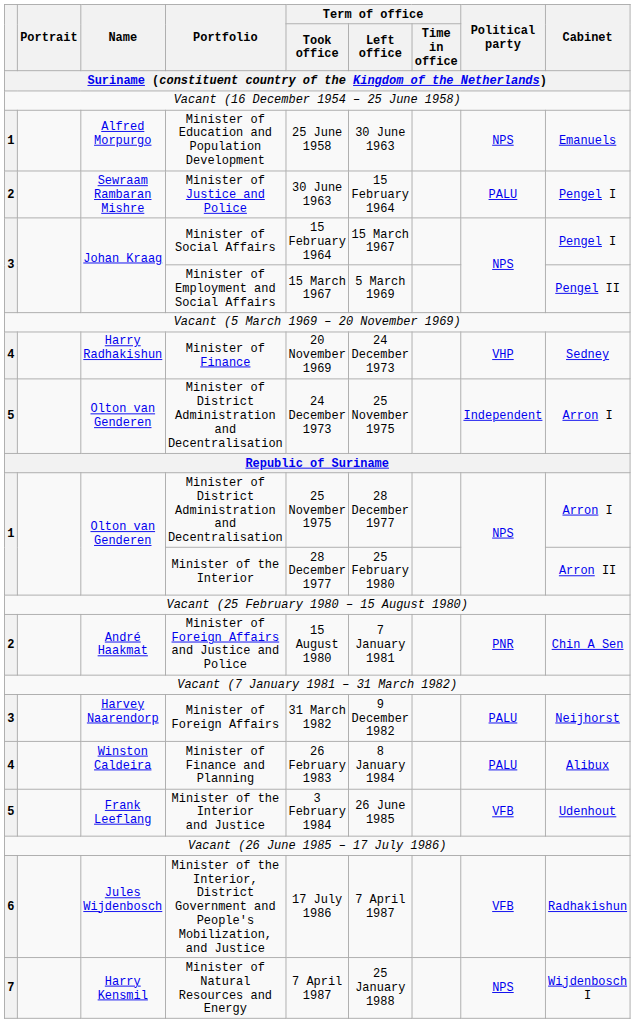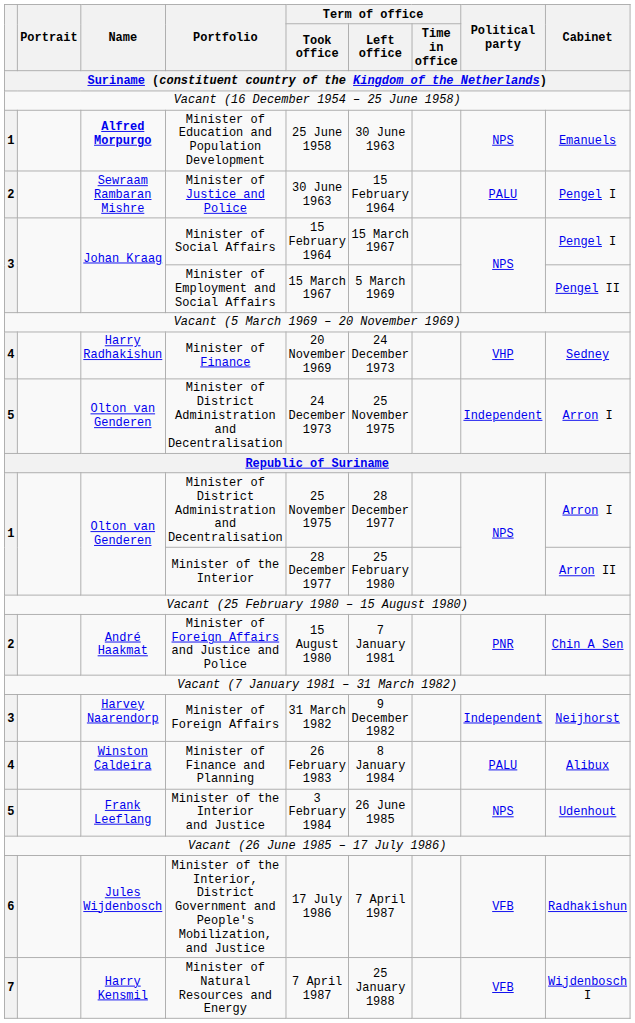 <table class="wikitable" style="text-align:center">
 <tr>
 <th rowspan=2></th>
 <th rowspan=2>Portrait</th>
 <th rowspan=2>Name<br></th>
 <th rowspan=2>Portfolio</th>
 <th colspan=3>Term of office</th>
 <th rowspan=2>Political party</th>
 <th rowspan=2>Cabinet</th>
 </tr>
 <tr>
 <th>Took office</th>
 <th>Left office</th>
 <th>Time in office</th>
 </tr>
 <tr>
 <th colspan=10><a href='#'>Suriname</a> (<em>constituent country of the <a href='#'>Kingdom of the Netherlands</a></em>)</th>
 </tr>
 <tr>
 <td colspan=10><em>Vacant (16 December 1954 – 25 June 1958)</em></td>
 </tr>
 <tr>
 <th style="background:">1</th>
 <td></td>
-<td><a href='#'>Alfred Morpurgo</a><br><br></td>
+<td><strong><a href='#'>Alfred Morpurgo</a><br><br></strong></td>
 <td>Minister of Education and Population Development</td>
 <td>25 June 1958</td>
 <td>30 June 1963</td>
 <td></td>
 <td><a href='#'>NPS</a></td>
 <td><a href='#'>Emanuels</a></td>
 </tr>
 <tr>
 <th style="background:">2</th>
 <td></td>
 <td><a href='#'>Sewraam Rambaran Mishre</a><br></td>
 <td>Minister of <a href='#'>Justice and Police</a></td>
 <td>30 June 1963</td>
 <td>15 February 1964<br></td>
 <td></td>
 <td><a href='#'>PALU</a></td>
 <td><a href='#'>Pengel</a> I</td>
 </tr>
 <tr>
 <th rowspan=2 style="background:">3</th>
 <td rowspan=2></td>
 <td rowspan=2><a href='#'>Johan Kraag</a><br><br></td>
 <td>Minister of Social Affairs</td>
 <td>15 February 1964</td>
 <td>15 March 1967</td>
 <td></td>
 <td rowspan=2><a href='#'>NPS</a></td>
 <td><a href='#'>Pengel</a> I</td>
 </tr>
 <tr>
 <td>Minister of Employment and Social Affairs</td>
 <td>15 March 1967</td>
 <td>5 March 1969</td>
 <td></td>
 <td><a href='#'>Pengel</a> II</td>
 </tr>
 <tr>
 <td colspan=10><em>Vacant (5 March 1969 – 20 November 1969)</em></td>
 </tr>
 <tr>
 <th style="background:">4</th>
 <td></td>
 <td><a href='#'>Harry Radhakishun</a><br><br></td>
 <td>Minister of <a href='#'>Finance</a></td>
 <td>20 November 1969</td>
 <td>24 December 1973</td>
 <td></td>
 <td><a href='#'>VHP</a></td>
 <td><a href='#'>Sedney</a></td>
 </tr>
 <tr>
 <th style="background:">5</th>
 <td></td>
 <td><a href='#'>Olton van Genderen</a><br></td>
 <td>Minister of District Administration and Decentralisation</td>
 <td>24 December 1973</td>
 <td>25 November 1975</td>
 <td></td>
 <td><a href='#'>Independent</a><br></td>
 <td><a href='#'>Arron</a> I</td>
 </tr>
 <tr>
 <th colspan=10><a href='#'>Republic of Suriname</a></th>
 </tr>
 <tr>
 <th rowspan=2 style="background:">1</th>
 <td rowspan=2></td>
 <td rowspan=2><a href='#'>Olton van Genderen</a><br></td>
 <td>Minister of District Administration and Decentralisation</td>
 <td>25 November 1975</td>
 <td>28 December 1977</td>
 <td></td>
 <td rowspan=2><a href='#'>NPS</a></td>
 <td><a href='#'>Arron</a> I</td>
 </tr>
 <tr>
 <td>Minister of the Interior</td>
 <td>28 December 1977<br></td>
 <td>25 February 1980<br></td>
 <td></td>
 <td><a href='#'>Arron</a> II</td>
 </tr>
 <tr>
 <td colspan=10><em>Vacant (25 February 1980 – 15 August 1980)</em></td>
 </tr>
 <tr>
 <th style="background:">2</th>
 <td></td>
 <td><a href='#'>André Haakmat</a><br></td>
 <td>Minister of <a href='#'>Foreign Affairs</a><br>and Justice and Police</td>
 <td>15 August 1980<br></td>
 <td>7 January 1981<br></td>
 <td></td>
 <td><a href='#'>PNR</a><br></td>
 <td><a href='#'>Chin A Sen</a></td>
 </tr>
 <tr>
 <td colspan=10><em>Vacant (7 January 1981 – 31 March 1982)</em></td>
 </tr>
 <tr>
 <th style="background:">3</th>
 <td></td>
 <td><a href='#'>Harvey Naarendorp</a><br><br></td>
 <td>Minister of Foreign Affairs</td>
 <td>31 March 1982<br></td>
 <td>9 December 1982<br></td>
 <td></td>
-<td><a href='#'>PALU</a></td>
+<td><a href='#'>Independent</a><br></td>
 <td><a href='#'>Neijhorst</a></td>
 </tr>
 <tr>
 <th style="background:">4</th>
 <td></td>
 <td><a href='#'>Winston Caldeira</a><br><br></td>
 <td>Minister of Finance and Planning</td>
 <td>26 February 1983</td>
 <td>8 January 1984<br></td>
 <td></td>
 <td><a href='#'>PALU</a></td>
 <td><a href='#'>Alibux</a></td>
 </tr>
 <tr>
 <th style="background:">5</th>
 <td></td>
 <td><a href='#'>Frank Leeflang</a><br></td>
 <td>Minister of the Interior<br>and Justice</td>
 <td>3 February 1984</td>
 <td>26 June 1985<br></td>
 <td></td>
-<td><a href='#'>VFB</a></td>
+<td><a href='#'>NPS</a></td>
 <td><a href='#'>Udenhout</a></td>
 </tr>
 <tr>
 <td colspan=10><em>Vacant (26 June 1985 – 17 July 1986)</em></td>
 </tr>
 <tr>
 <th style="background:">6</th>
 <td></td>
 <td><a href='#'>Jules Wijdenbosch</a><br><br></td>
 <td>Minister of the Interior,<br>District Government and People's Mobilization,<br>and Justice</td>
 <td>17 July 1986</td>
 <td>7 April 1987</td>
 <td></td>
 <td><a href='#'>VFB</a></td>
 <td><a href='#'>Radhakishun</a></td>
 </tr>
 <tr>
 <th style="background:">7</th>
 <td></td>
 <td><a href='#'>Harry Kensmil</a><br></td>
 <td>Minister of Natural Resources and Energy</td>
 <td>7 April 1987<br></td>
 <td>25 January 1988</td>
 <td></td>
-<td><a href='#'>NPS</a></td>
+<td><a href='#'>VFB</a></td>
 <td><a href='#'>Wijdenbosch</a> I</td>
 </tr>
 </table>
